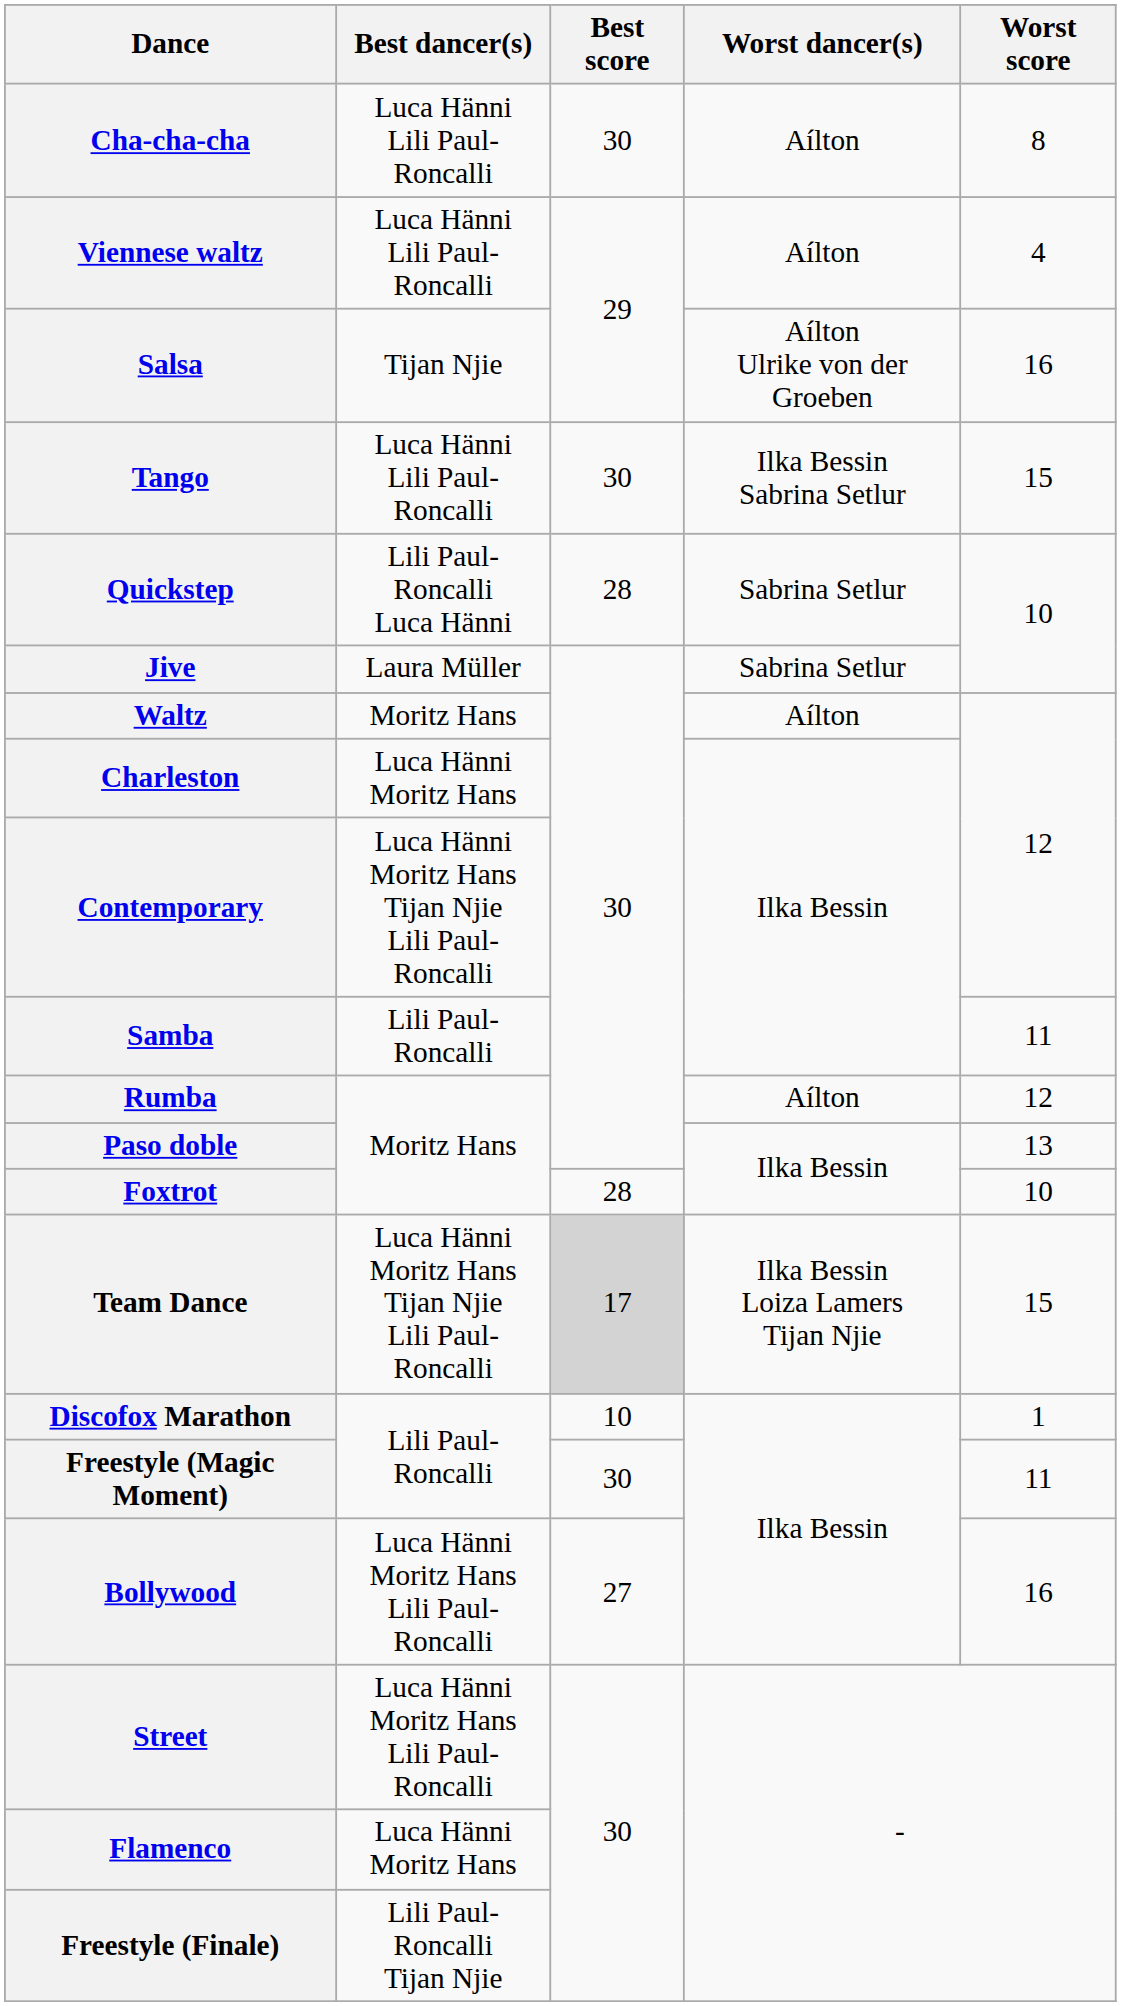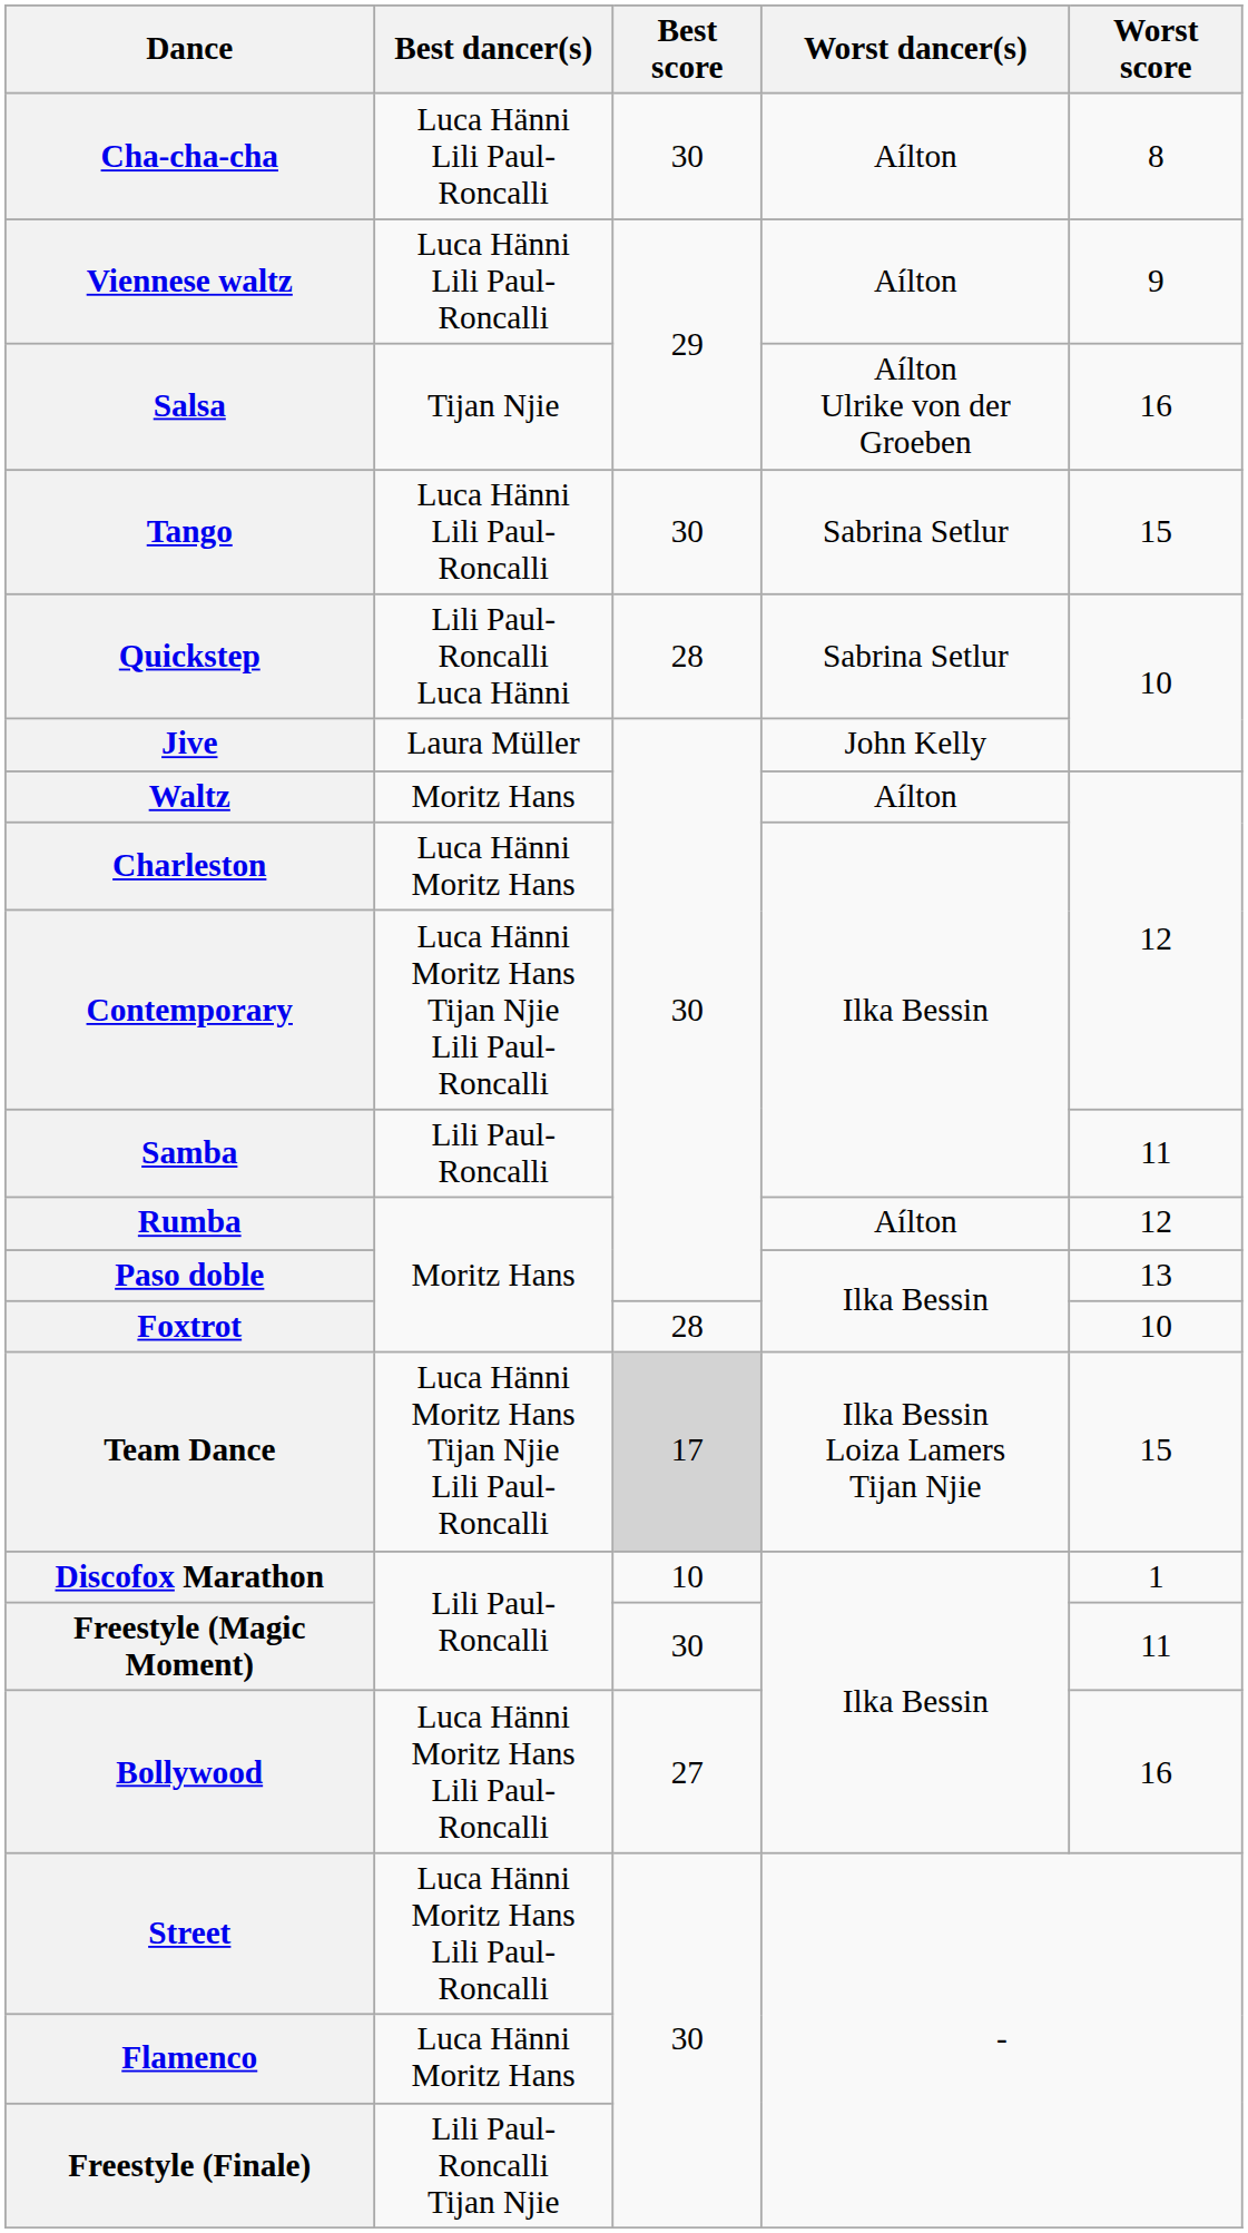 <table class="wikitable sortable" style="text-align:center;">
 <tr>
 <th>Dance</th>
 <th>Best dancer(s)</th>
 <th>Best score</th>
 <th>Worst dancer(s)</th>
 <th>Worst score</th>
 </tr>
 <tr>
 <th><a href='#'>Cha-cha-cha</a></th>
 <td>Luca Hänni<br>Lili Paul-Roncalli</td>
 <td>30</td>
 <td>Aílton</td>
 <td>8</td>
 </tr>
 <tr>
 <th><a href='#'>Viennese waltz</a></th>
 <td>Luca Hänni<br>Lili Paul-Roncalli</td>
 <td rowspan="2">29</td>
 <td>Aílton</td>
-<td>4</td>
+<td>9</td>
 </tr>
 <tr>
 <th><a href='#'>Salsa</a></th>
 <td>Tijan Njie</td>
 <td>Aílton<br>Ulrike von der Groeben</td>
 <td>16</td>
 </tr>
 <tr>
 <th><a href='#'>Tango</a></th>
 <td>Luca Hänni<br>Lili Paul-Roncalli</td>
 <td>30</td>
-<td>Ilka Bessin<br>Sabrina Setlur</td>
+<td>Sabrina Setlur</td>
 <td>15</td>
 </tr>
 <tr>
 <th><a href='#'>Quickstep</a></th>
 <td>Lili Paul-Roncalli<br>Luca Hänni</td>
 <td>28</td>
 <td>Sabrina Setlur</td>
 <td rowspan="2">10</td>
 </tr>
 <tr>
 <th><a href='#'>Jive</a></th>
 <td>Laura Müller</td>
 <td rowspan="7">30</td>
-<td>Sabrina Setlur</td>
+<td>John Kelly</td>
 </tr>
 <tr>
 <th><a href='#'>Waltz</a></th>
 <td>Moritz Hans</td>
 <td>Aílton</td>
 <td rowspan="3">12</td>
 </tr>
 <tr>
 <th><a href='#'>Charleston</a></th>
 <td>Luca Hänni<br>Moritz Hans</td>
 <td rowspan="3">Ilka Bessin</td>
 </tr>
 <tr>
 <th><a href='#'>Contemporary</a></th>
 <td>Luca Hänni<br>Moritz Hans<br>Tijan Njie<br>Lili Paul-Roncalli</td>
 </tr>
 <tr>
 <th><a href='#'>Samba</a></th>
 <td>Lili Paul-Roncalli</td>
 <td>11</td>
 </tr>
 <tr>
 <th><a href='#'>Rumba</a></th>
 <td rowspan="3">Moritz Hans</td>
 <td>Aílton</td>
 <td>12</td>
 </tr>
 <tr>
 <th><a href='#'>Paso doble</a></th>
 <td rowspan="2">Ilka Bessin</td>
 <td>13</td>
 </tr>
 <tr>
 <th><a href='#'>Foxtrot</a></th>
 <td>28</td>
 <td>10</td>
 </tr>
 <tr>
 <th>Team Dance</th>
 <td>Luca Hänni<br>Moritz Hans<br>Tijan Njie<br>Lili Paul-Roncalli</td>
 <td style="background: lightgrey;">17</td>
 <td>Ilka Bessin<br>Loiza Lamers<br>Tijan Njie</td>
 <td>15</td>
 </tr>
 <tr>
 <th><a href='#'>Discofox</a> Marathon</th>
 <td rowspan="2">Lili Paul-Roncalli</td>
 <td>10</td>
 <td rowspan="3">Ilka Bessin</td>
 <td>1</td>
 </tr>
 <tr>
 <th>Freestyle (Magic Moment)</th>
 <td>30</td>
 <td>11</td>
 </tr>
 <tr>
 <th><a href='#'>Bollywood</a></th>
 <td>Luca Hänni<br>Moritz Hans<br>Lili Paul-Roncalli</td>
 <td>27</td>
 <td>16</td>
 </tr>
 <tr>
 <th><a href='#'>Street</a></th>
 <td>Luca Hänni<br>Moritz Hans<br>Lili Paul-Roncalli</td>
 <td rowspan="3">30</td>
 <td colspan="2" rowspan="3">-</td>
 </tr>
 <tr>
 <th><a href='#'>Flamenco</a></th>
 <td>Luca Hänni<br>Moritz Hans</td>
 </tr>
 <tr>
 <th>Freestyle (Finale)</th>
 <td>Lili Paul-Roncalli<br>Tijan Njie</td>
 </tr>
 <tr>
 </tr>
 </table>
